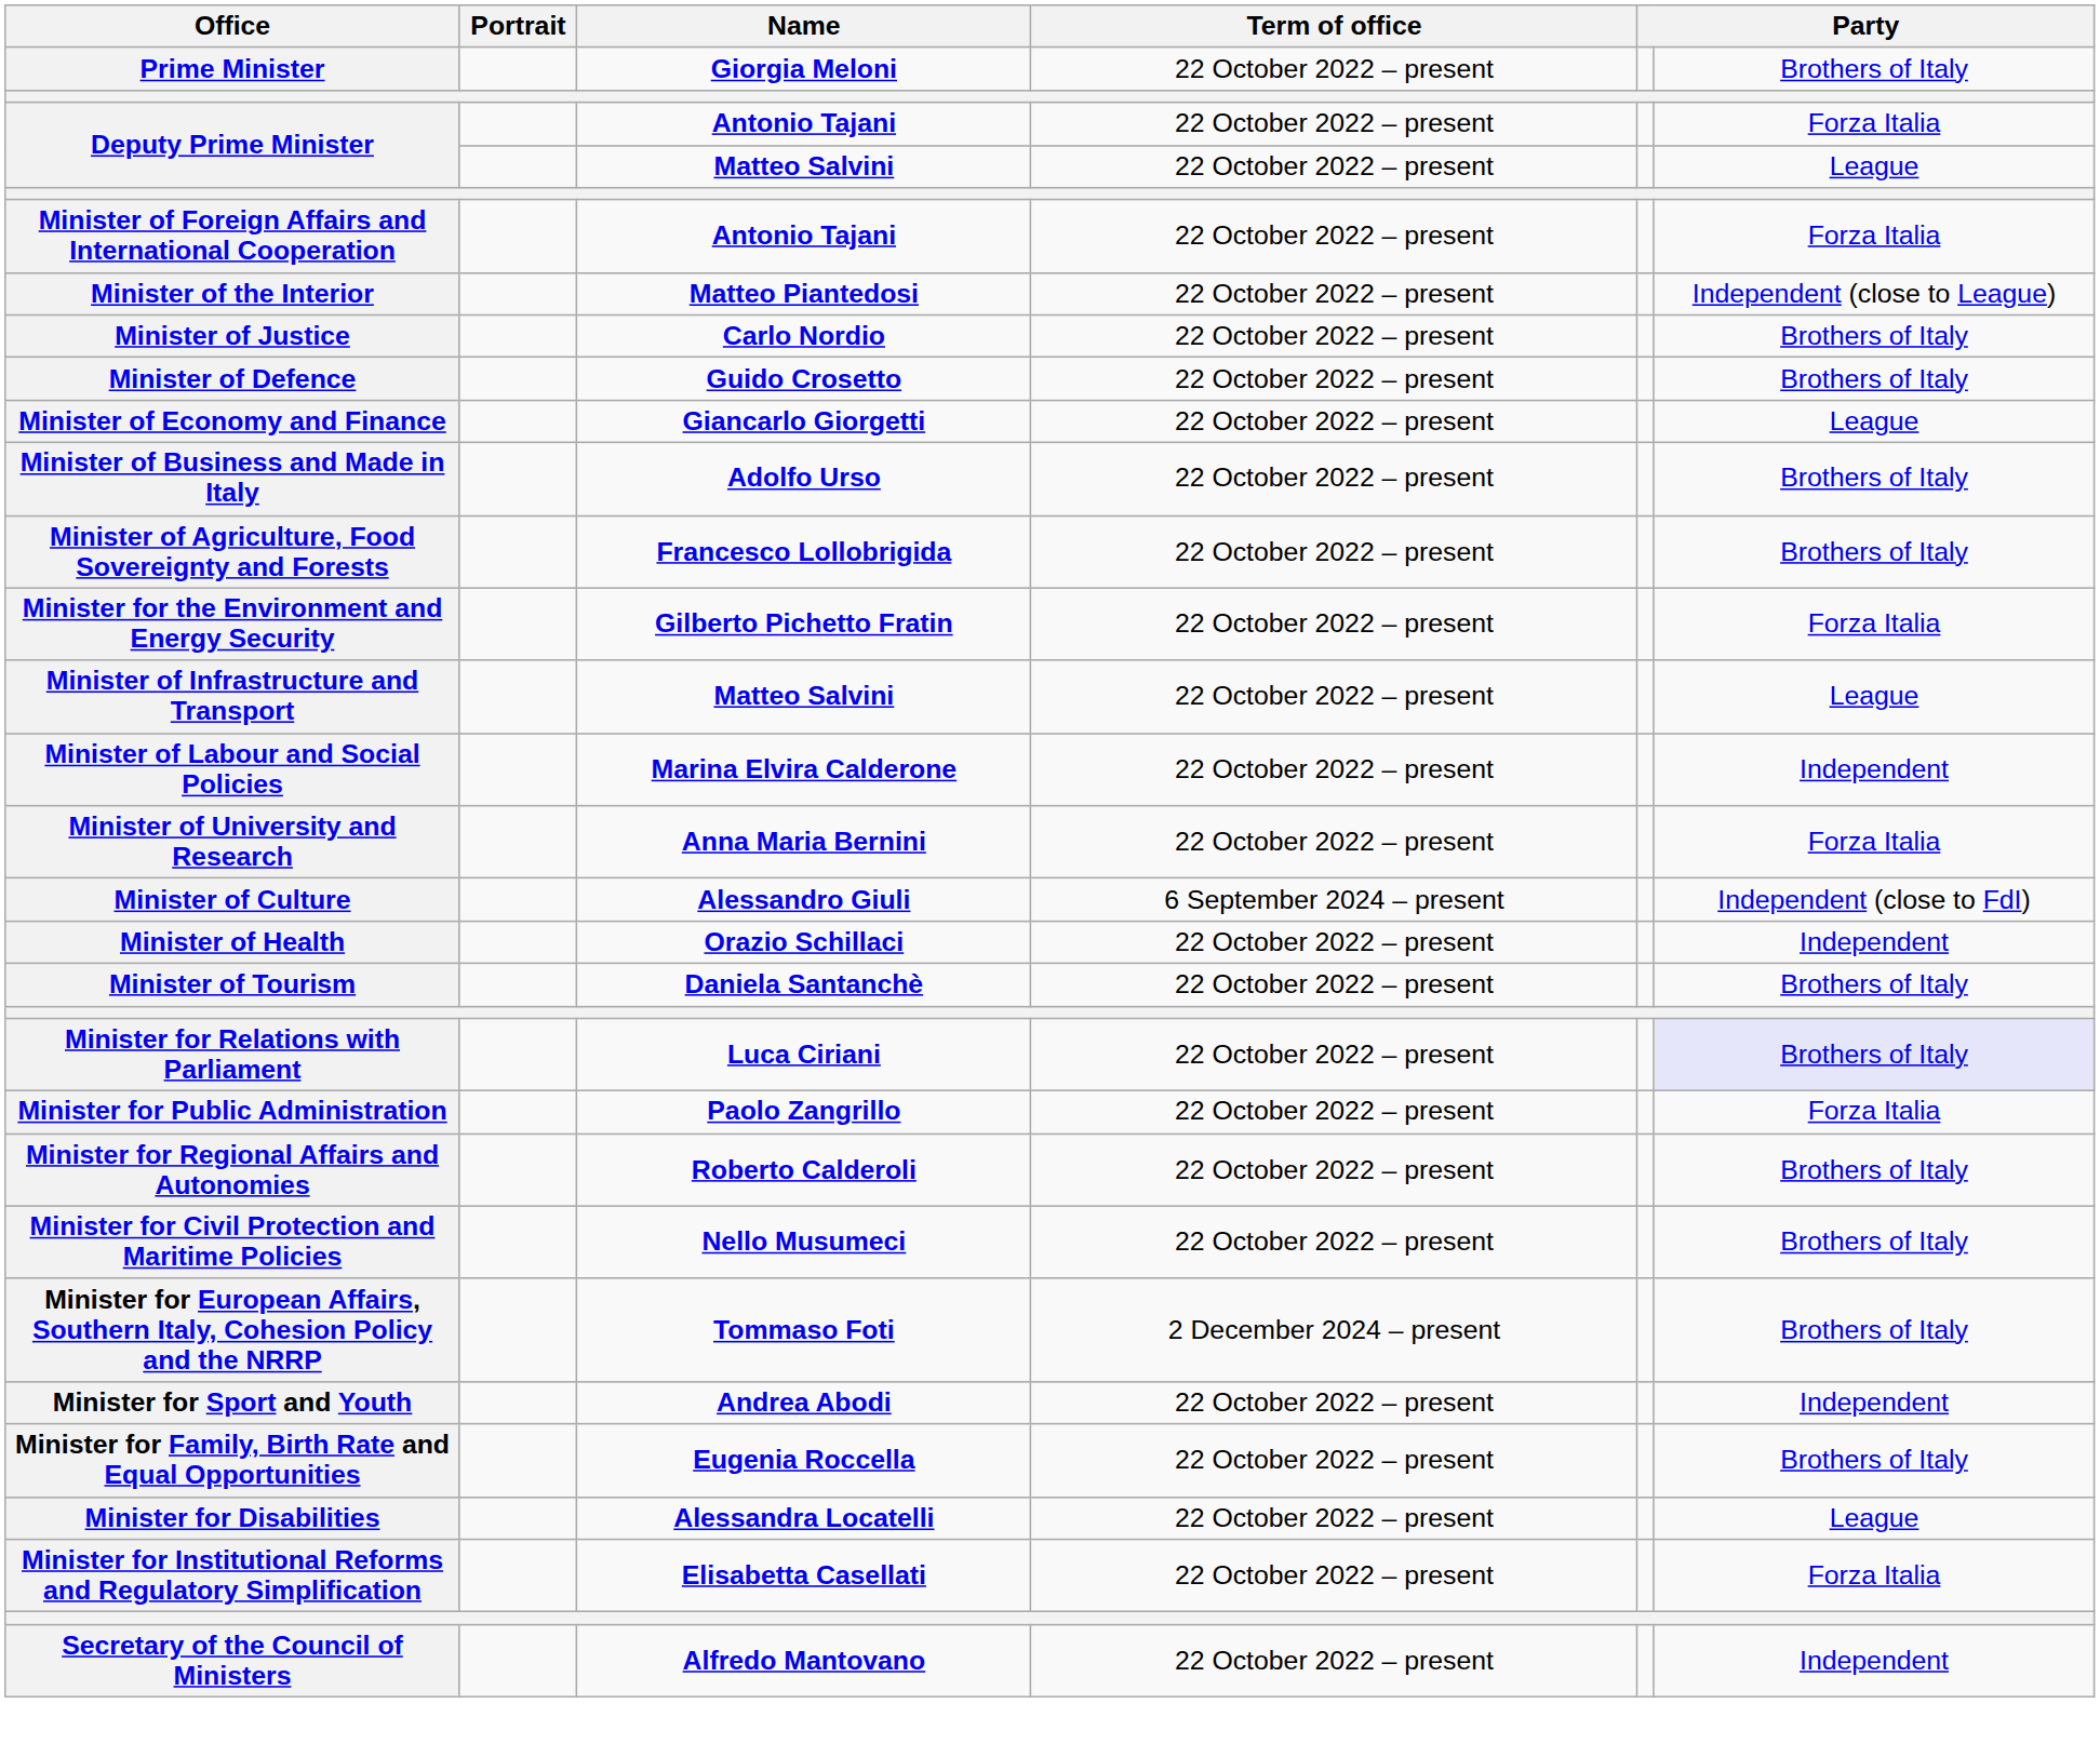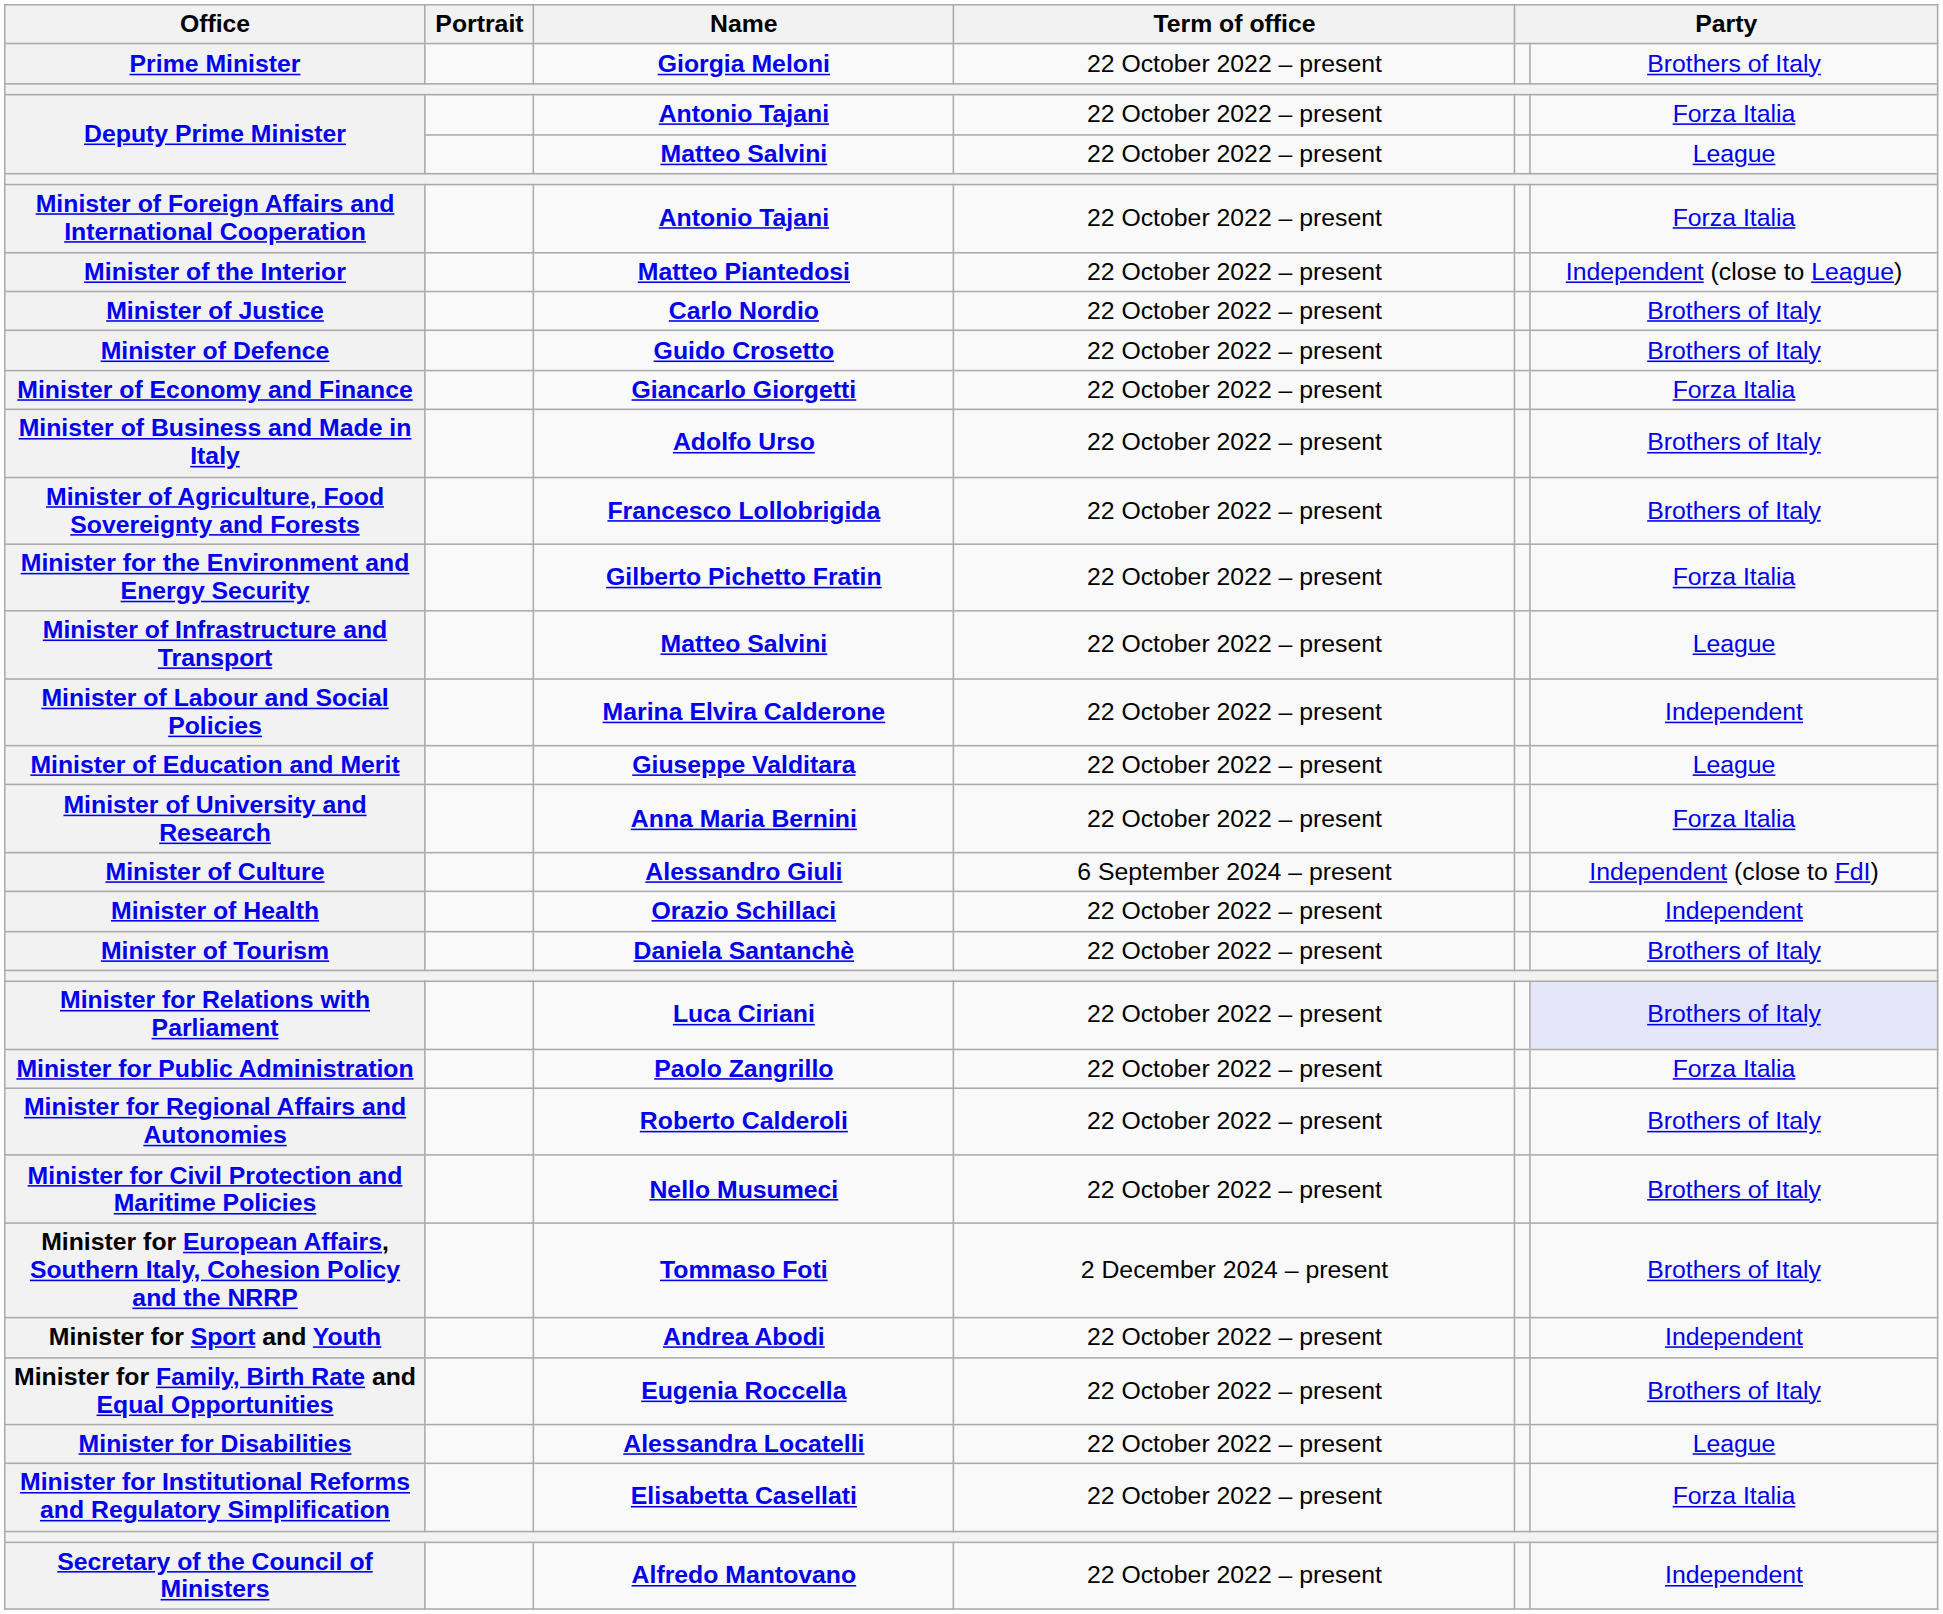 <table class="wikitable" style="text-align:center;">
 <tr>
 <th width=15%>Office</th>
 <th width=1%>Portrait</th>
 <th width=15%>Name</th>
 <th width=20%>Term of office</th>
 <th width=15% colspan=2>Party</th>
 </tr>
 <tr>
 <th><a href='#'>Prime Minister</a></th>
 <td></td>
 <td><strong><a href='#'>Giorgia Meloni</a></strong></td>
 <td>22 October 2022 – present</td>
 <td></td>
 <td><a href='#'>Brothers of Italy</a></td>
 </tr>
 <tr>
 <th colspan=6></th>
 </tr>
 <tr>
 <th rowspan=2><a href='#'>Deputy Prime Minister</a></th>
 <td></td>
 <td><strong><a href='#'>Antonio Tajani</a></strong></td>
 <td>22 October 2022 – present</td>
 <td></td>
 <td><a href='#'>Forza Italia</a></td>
 </tr>
 <tr>
 <td></td>
 <td><strong><a href='#'>Matteo Salvini</a></strong></td>
 <td>22 October 2022 – present</td>
 <td></td>
 <td><a href='#'>League</a></td>
 </tr>
 <tr>
 <th colspan=6></th>
 </tr>
 <tr>
 <th><a href='#'>Minister of Foreign Affairs and International Cooperation</a></th>
 <td></td>
 <td><strong><a href='#'>Antonio Tajani</a></strong></td>
 <td>22 October 2022 – present</td>
 <td></td>
 <td><a href='#'>Forza Italia</a></td>
 </tr>
 <tr>
 <th><a href='#'>Minister of the Interior</a></th>
 <td></td>
 <td><strong><a href='#'>Matteo Piantedosi</a></strong></td>
 <td>22 October 2022 – present</td>
 <td></td>
 <td><a href='#'>Independent</a> (close to <a href='#'>League</a>)</td>
 </tr>
 <tr>
 <th><a href='#'>Minister of Justice</a></th>
 <td></td>
 <td><strong><a href='#'>Carlo Nordio</a></strong></td>
 <td>22 October 2022 – present</td>
 <td></td>
 <td><a href='#'>Brothers of Italy</a></td>
 </tr>
 <tr>
 <th><a href='#'>Minister of Defence</a></th>
 <td></td>
 <td><strong><a href='#'>Guido Crosetto</a></strong></td>
 <td>22 October 2022 – present</td>
 <td></td>
 <td><a href='#'>Brothers of Italy</a></td>
 </tr>
 <tr>
 <th><a href='#'>Minister of Economy and Finance</a></th>
 <td></td>
 <td><strong><a href='#'>Giancarlo Giorgetti</a></strong></td>
 <td>22 October 2022 – present</td>
 <td></td>
-<td><a href='#'>League</a></td>
+<td><a href='#'>Forza Italia</a></td>
 </tr>
 <tr>
 <th><a href='#'>Minister of Business and Made in Italy</a></th>
 <td></td>
 <td><strong><a href='#'>Adolfo Urso</a></strong></td>
 <td>22 October 2022 – present</td>
 <td></td>
 <td><a href='#'>Brothers of Italy</a></td>
 </tr>
 <tr>
 <th><a href='#'>Minister of Agriculture, Food Sovereignty and Forests</a></th>
 <td></td>
 <td><strong><a href='#'>Francesco Lollobrigida</a></strong></td>
 <td>22 October 2022 – present</td>
 <td></td>
 <td><a href='#'>Brothers of Italy</a></td>
 </tr>
 <tr>
 <th><a href='#'>Minister for the Environment and Energy Security</a></th>
 <td></td>
 <td><strong><a href='#'>Gilberto Pichetto Fratin</a></strong></td>
 <td>22 October 2022 – present</td>
 <td></td>
 <td><a href='#'>Forza Italia</a></td>
 </tr>
 <tr>
 <th><a href='#'>Minister of Infrastructure and Transport</a></th>
 <td></td>
 <td><strong><a href='#'>Matteo Salvini</a></strong></td>
 <td>22 October 2022 – present</td>
 <td></td>
 <td><a href='#'>League</a></td>
 </tr>
 <tr>
 <th><a href='#'>Minister of Labour and Social Policies</a></th>
 <td></td>
 <td><strong><a href='#'>Marina Elvira Calderone</a></strong></td>
 <td>22 October 2022 – present</td>
 <td></td>
 <td><a href='#'>Independent</a></td>
+</tr>
+<tr>
+<th><a href='#'>Minister of Education and Merit</a></th>
+<td></td>
+<td><strong><a href='#'>Giuseppe Valditara</a></strong></td>
+<td>22 October 2022 – present</td>
+<td></td>
+<td><a href='#'>League</a></td>
 </tr>
 <tr>
 <th><a href='#'>Minister of University and Research</a></th>
 <td></td>
 <td><strong><a href='#'>Anna Maria Bernini</a></strong></td>
 <td>22 October 2022 – present</td>
 <td></td>
 <td><a href='#'>Forza Italia</a></td>
 </tr>
 <tr>
 <th><a href='#'>Minister of Culture</a></th>
 <td></td>
 <td><strong><a href='#'>Alessandro Giuli</a></strong></td>
 <td>6 September 2024 – present</td>
 <td></td>
 <td><a href='#'>Independent</a> (close to <a href='#'>FdI</a>)</td>
 </tr>
 <tr>
 <th><a href='#'>Minister of Health</a></th>
 <td></td>
 <td><strong><a href='#'>Orazio Schillaci</a></strong></td>
 <td>22 October 2022 – present</td>
 <td></td>
 <td><a href='#'>Independent</a></td>
 </tr>
 <tr>
 <th><a href='#'>Minister of Tourism</a></th>
 <td></td>
 <td><strong><a href='#'>Daniela Santanchè</a></strong></td>
 <td>22 October 2022 – present</td>
 <td></td>
 <td><a href='#'>Brothers of Italy</a></td>
 </tr>
 <tr>
 <th colspan=6></th>
 </tr>
 <tr>
 <th><a href='#'>Minister for Relations with Parliament</a><br></th>
 <td></td>
 <td><strong><a href='#'>Luca Ciriani</a></strong></td>
 <td>22 October 2022 – present</td>
 <td></td>
 <td style="background: lavender;"><a href='#'>Brothers of Italy</a></td>
 </tr>
 <tr>
 <th><a href='#'>Minister for Public Administration</a><br></th>
 <td></td>
 <td><strong><a href='#'>Paolo Zangrillo</a></strong></td>
 <td>22 October 2022 – present</td>
 <td></td>
 <td><a href='#'>Forza Italia</a></td>
 </tr>
 <tr>
 <th><a href='#'>Minister for Regional Affairs and Autonomies</a><br></th>
 <td></td>
 <td><strong><a href='#'>Roberto Calderoli</a></strong></td>
 <td>22 October 2022 – present</td>
 <td></td>
 <td><a href='#'>Brothers of Italy</a></td>
 </tr>
 <tr>
 <th><a href='#'>Minister for Civil Protection and Maritime Policies</a><br></th>
 <td></td>
 <td><strong><a href='#'>Nello Musumeci</a></strong></td>
 <td>22 October 2022 – present</td>
 <td></td>
 <td><a href='#'>Brothers of Italy</a></td>
 </tr>
 <tr>
 <th>Minister for <a href='#'>European Affairs</a>, <a href='#'>Southern Italy, Cohesion Policy and the NRRP</a><br></th>
 <td></td>
 <td><strong><a href='#'>Tommaso Foti</a></strong></td>
 <td>2 December 2024 – present</td>
 <td></td>
 <td><a href='#'>Brothers of Italy</a></td>
 </tr>
 <tr>
 <th>Minister for <a href='#'>Sport</a> and <a href='#'>Youth</a><br></th>
 <td></td>
 <td><strong><a href='#'>Andrea Abodi</a></strong></td>
 <td>22 October 2022 – present</td>
 <td></td>
 <td><a href='#'>Independent</a></td>
 </tr>
 <tr>
 <th>Minister for <a href='#'>Family, Birth Rate</a> and <a href='#'>Equal Opportunities</a><br></th>
 <td></td>
 <td><strong><a href='#'>Eugenia Roccella</a></strong></td>
 <td>22 October 2022 – present</td>
 <td></td>
 <td><a href='#'>Brothers of Italy</a></td>
 </tr>
 <tr>
 <th><a href='#'>Minister for Disabilities</a><br></th>
 <td></td>
 <td><strong><a href='#'>Alessandra Locatelli</a></strong></td>
 <td>22 October 2022 – present</td>
 <td></td>
 <td><a href='#'>League</a></td>
 </tr>
 <tr>
 <th><a href='#'>Minister for Institutional Reforms and Regulatory Simplification</a><br></th>
 <td></td>
 <td><strong><a href='#'>Elisabetta Casellati</a></strong></td>
 <td>22 October 2022 – present</td>
 <td></td>
 <td><a href='#'>Forza Italia</a></td>
 </tr>
 <tr>
 <th colspan=6></th>
 </tr>
 <tr>
 <th><a href='#'>Secretary of the Council of Ministers</a></th>
 <td></td>
 <td><strong><a href='#'>Alfredo Mantovano</a></strong></td>
 <td>22 October 2022 – present</td>
 <td></td>
 <td><a href='#'>Independent</a></td>
 </tr>
 </table>
